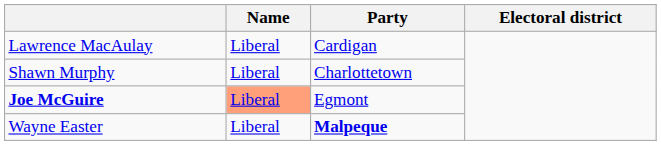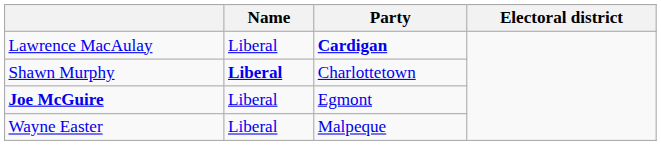 <table class="wikitable" width="610">
 <tr>
 <th></th>
 <th>Name</th>
 <th>Party</th>
 <th>Electoral district</th>
 </tr>
 <tr>
 <td><a href='#'>Lawrence MacAulay</a></td>
 <td><a href='#'>Liberal</a></td>
-<td><a href='#'>Cardigan</a></td>
+<td><strong><a href='#'>Cardigan</a></strong></td>
 </tr>
 <tr>
 <td><a href='#'>Shawn Murphy</a></td>
-<td><a href='#'>Liberal</a></td>
+<td><strong><a href='#'>Liberal</a></strong></td>
 <td><a href='#'>Charlottetown</a></td>
 </tr>
 <tr>
 <td><strong><a href='#'>Joe McGuire</a></strong></td>
-<td style="background: lightsalmon;"><a href='#'>Liberal</a></td>
+<td><a href='#'>Liberal</a></td>
 <td><a href='#'>Egmont</a></td>
 </tr>
 <tr>
 <td><a href='#'>Wayne Easter</a></td>
 <td><a href='#'>Liberal</a></td>
-<td><strong><a href='#'>Malpeque</a></strong></td>
+<td><a href='#'>Malpeque</a></td>
 </tr>
 </table>
